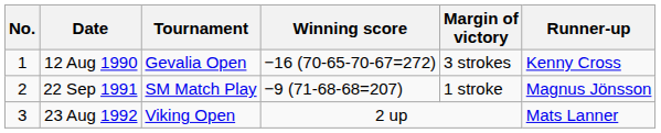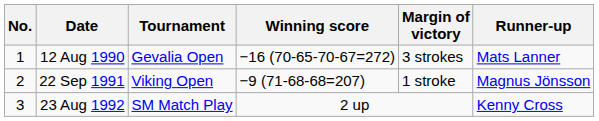 <table class="wikitable" style="font-size:95%;">
 <tr>
 <th>No.</th>
 <th>Date</th>
 <th>Tournament</th>
 <th>Winning score</th>
 <th>Margin of<br>victory</th>
 <th>Runner-up</th>
 </tr>
 <tr>
 <td align=center>1</td>
 <td align=right>12 Aug <a href='#'>1990</a></td>
 <td><a href='#'>Gevalia Open</a></td>
 <td>−16 (70-65-70-67=272)</td>
 <td>3 strokes</td>
-<td> <a href='#'>Kenny Cross</a></td>
+<td> <a href='#'>Mats Lanner</a></td>
 </tr>
 <tr>
 <td align=center>2</td>
 <td align=right>22 Sep <a href='#'>1991</a></td>
-<td><a href='#'>SM Match Play</a></td>
+<td><a href='#'>Viking Open</a></td>
 <td>−9 (71-68-68=207)</td>
 <td>1 stroke</td>
 <td> <a href='#'>Magnus Jönsson</a></td>
 </tr>
 <tr>
 <td align=center>3</td>
 <td align=right>23 Aug <a href='#'>1992</a></td>
-<td><a href='#'>Viking Open</a></td>
+<td><a href='#'>SM Match Play</a></td>
 <td colspan=2 align=center>2 up</td>
-<td> <a href='#'>Mats Lanner</a></td>
+<td> <a href='#'>Kenny Cross</a></td>
 </tr>
 </table>
